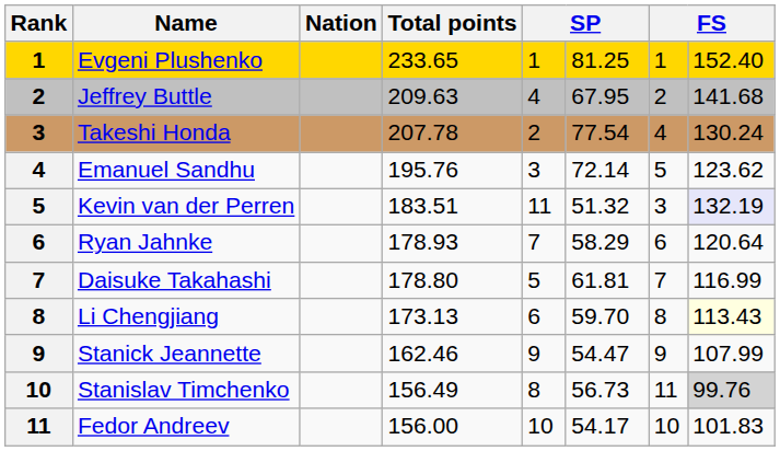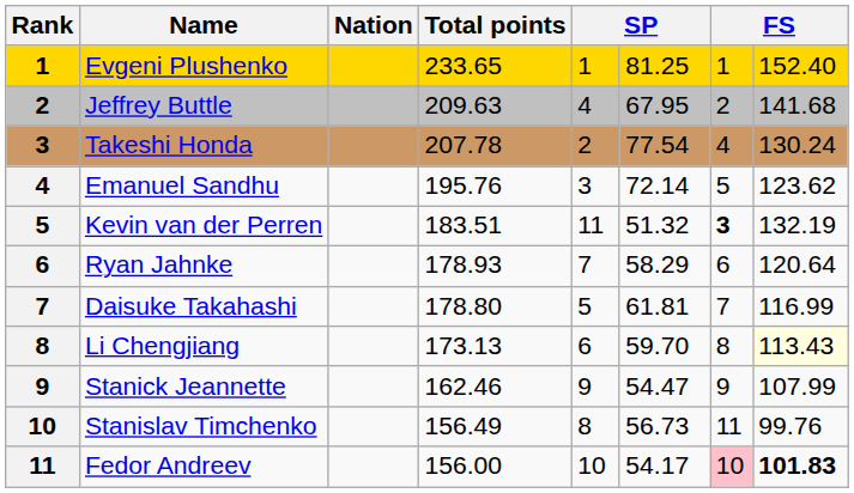 <table class="wikitable">
 <tr>
 <th>Rank</th>
 <th>Name</th>
 <th>Nation</th>
 <th>Total points</th>
 <th colspan="2" width="80px"><a href='#'>SP</a></th>
 <th colspan="2" width="80px"><a href='#'>FS</a></th>
 </tr>
 <tr bgcolor="gold">
 <td align="center"><strong>1</strong></td>
 <td><a href='#'>Evgeni Plushenko</a></td>
 <td></td>
 <td>233.65</td>
 <td>1</td>
 <td>81.25</td>
 <td>1</td>
 <td>152.40</td>
 </tr>
 <tr bgcolor="silver">
 <td align="center"><strong>2</strong></td>
 <td><a href='#'>Jeffrey Buttle</a></td>
 <td></td>
 <td>209.63</td>
 <td>4</td>
 <td>67.95</td>
 <td>2</td>
 <td>141.68</td>
 </tr>
 <tr bgcolor="cc9966">
 <td align="center"><strong>3</strong></td>
 <td><a href='#'>Takeshi Honda</a></td>
 <td></td>
 <td>207.78</td>
 <td>2</td>
 <td>77.54</td>
 <td>4</td>
 <td>130.24</td>
 </tr>
 <tr>
 <th>4</th>
 <td><a href='#'>Emanuel Sandhu</a></td>
 <td></td>
 <td>195.76</td>
 <td>3</td>
 <td>72.14</td>
 <td>5</td>
 <td>123.62</td>
 </tr>
 <tr>
 <th>5</th>
 <td><a href='#'>Kevin van der Perren</a></td>
 <td></td>
 <td>183.51</td>
 <td>11</td>
 <td>51.32</td>
-<td>3</td>
-<td style="background: lavender;">132.19</td>
+<td><strong>3</strong></td>
+<td>132.19</td>
 </tr>
 <tr>
 <th>6</th>
 <td><a href='#'>Ryan Jahnke</a></td>
 <td></td>
 <td>178.93</td>
 <td>7</td>
 <td>58.29</td>
 <td>6</td>
 <td>120.64</td>
 </tr>
 <tr>
 <th>7</th>
 <td><a href='#'>Daisuke Takahashi</a></td>
 <td></td>
 <td>178.80</td>
 <td>5</td>
 <td>61.81</td>
 <td>7</td>
 <td>116.99</td>
 </tr>
 <tr>
 <th>8</th>
 <td><a href='#'>Li Chengjiang</a></td>
 <td></td>
 <td>173.13</td>
 <td>6</td>
 <td>59.70</td>
 <td>8</td>
 <td style="background: lightyellow;">113.43</td>
 </tr>
 <tr>
 <th>9</th>
 <td><a href='#'>Stanick Jeannette</a></td>
 <td></td>
 <td>162.46</td>
 <td>9</td>
 <td>54.47</td>
 <td>9</td>
 <td>107.99</td>
 </tr>
 <tr>
 <th>10</th>
 <td><a href='#'>Stanislav Timchenko</a></td>
 <td></td>
 <td>156.49</td>
 <td>8</td>
 <td>56.73</td>
 <td>11</td>
-<td style="background: lightgrey;">99.76</td>
+<td>99.76</td>
 </tr>
 <tr>
 <th>11</th>
 <td><a href='#'>Fedor Andreev</a></td>
 <td></td>
 <td>156.00</td>
 <td>10</td>
 <td>54.17</td>
-<td>10</td>
-<td>101.83</td>
+<td style="background: pink;">10</td>
+<td><strong>101.83</strong></td>
 </tr>
 </table>
